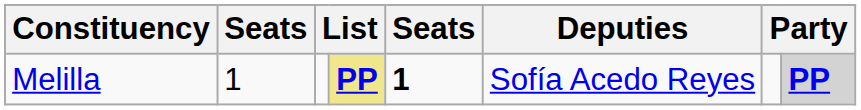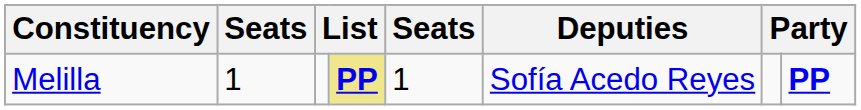 <table class="wikitable sortable">
 <tr>
 <th>Constituency</th>
 <th>Seats</th>
 <th colspan="2">List</th>
 <th>Seats</th>
 <th>Deputies</th>
 <th colspan="2">Party</th>
 </tr>
 <tr>
 <td><a href='#'>Melilla</a></td>
 <td>1</td>
 <td></td>
 <td style="background: khaki;"><strong><a href='#'>PP</a></strong></td>
-<td><strong>1</strong></td>
+<td>1</td>
 <td><a href='#'>Sofía Acedo Reyes</a></td>
 <td></td>
-<td style="background: lightgrey;"><strong><a href='#'>PP</a></strong></td>
+<td><strong><a href='#'>PP</a></strong></td>
 </tr>
 </table>
